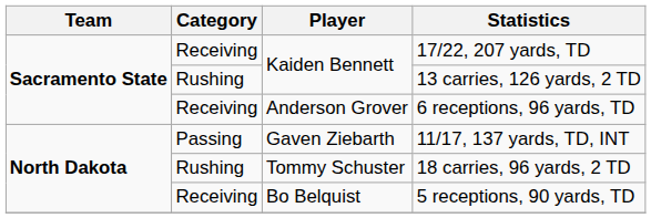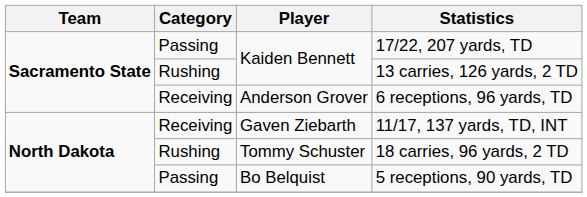 <table class="wikitable" style="float: right;">
 <tr>
 <th>Team</th>
 <th>Category</th>
 <th>Player</th>
 <th>Statistics</th>
 </tr>
 <tr>
 <td rowspan=3><strong>Sacramento State</strong></td>
-<td>Receiving</td>
+<td>Passing</td>
 <td rowspan="2">Kaiden Bennett</td>
 <td>17/22, 207 yards, TD</td>
 </tr>
 <tr>
 <td>Rushing</td>
 <td>13 carries, 126 yards, 2 TD</td>
 </tr>
 <tr>
 <td>Receiving</td>
 <td>Anderson Grover</td>
 <td>6 receptions, 96 yards, TD</td>
 </tr>
 <tr>
 <td rowspan=3><strong>North Dakota</strong></td>
-<td>Passing</td>
+<td>Receiving</td>
 <td>Gaven Ziebarth</td>
 <td>11/17, 137 yards, TD, INT</td>
 </tr>
 <tr>
 <td>Rushing</td>
 <td>Tommy Schuster</td>
 <td>18 carries, 96 yards, 2 TD</td>
 </tr>
 <tr>
-<td>Receiving</td>
+<td>Passing</td>
 <td>Bo Belquist</td>
 <td>5 receptions, 90 yards, TD</td>
 </tr>
 <tr>
 </tr>
 </table>
